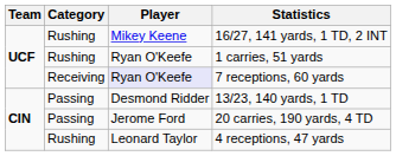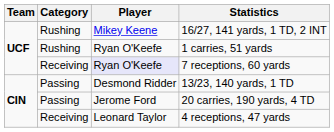 <table class="wikitable" style="float: left;">
 <tr>
 <th>Team</th>
 <th>Category</th>
 <th>Player</th>
 <th>Statistics</th>
 </tr>
 <tr>
 <td rowspan=3><strong>UCF</strong></td>
 <td>Rushing</td>
 <td><a href='#'>Mikey Keene</a></td>
 <td>16/27, 141 yards, 1 TD, 2 INT</td>
 </tr>
 <tr>
 <td>Rushing</td>
 <td>Ryan O'Keefe</td>
 <td>1 carries, 51 yards</td>
 </tr>
 <tr>
 <td>Receiving</td>
 <td style="background: lavender;">Ryan O'Keefe</td>
 <td>7 receptions, 60 yards</td>
 </tr>
 <tr>
 <td rowspan=3><strong>CIN</strong></td>
 <td>Passing</td>
 <td>Desmond Ridder</td>
 <td>13/23, 140 yards, 1 TD</td>
 </tr>
 <tr>
 <td>Passing</td>
 <td>Jerome Ford</td>
 <td>20 carries, 190 yards, 4 TD</td>
 </tr>
 <tr>
-<td>Rushing</td>
+<td>Receiving</td>
 <td>Leonard Taylor</td>
 <td>4 receptions, 47 yards</td>
 </tr>
 </table>
